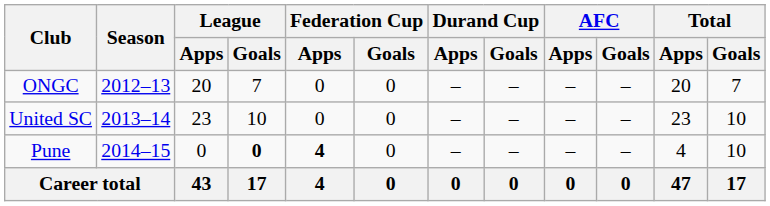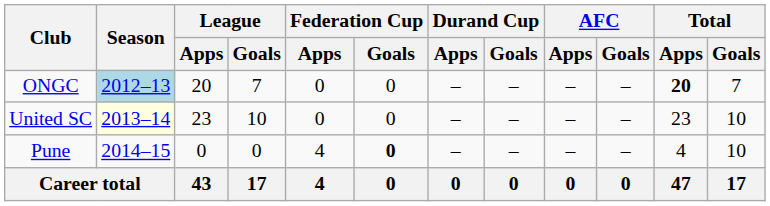 <table class="wikitable" style="font-size:90%; text-align:center;">
 <tr>
 <th rowspan="2">Club</th>
 <th rowspan="2">Season</th>
 <th colspan="2">League</th>
 <th colspan="2">Federation Cup</th>
 <th colspan="2">Durand Cup</th>
 <th colspan="2"><a href='#'>AFC</a></th>
 <th colspan="2">Total</th>
 </tr>
 <tr>
 <th>Apps</th>
 <th>Goals</th>
 <th>Apps</th>
 <th>Goals</th>
 <th>Apps</th>
 <th>Goals</th>
 <th>Apps</th>
 <th>Goals</th>
 <th>Apps</th>
 <th>Goals</th>
 </tr>
 <tr>
 <td rowspan="1"><a href='#'>ONGC</a></td>
-<td><a href='#'>2012–13</a></td>
+<td style="background: lightblue;"><a href='#'>2012–13</a></td>
 <td>20</td>
 <td>7</td>
 <td>0</td>
 <td>0</td>
 <td>–</td>
 <td>–</td>
 <td>–</td>
 <td>–</td>
-<td>20</td>
+<td><strong>20</strong></td>
 <td>7</td>
 </tr>
 <tr>
 <td rowspan="1"><a href='#'>United SC</a></td>
-<td><a href='#'>2013–14</a></td>
+<td style="background: lightyellow;"><a href='#'>2013–14</a></td>
 <td>23</td>
 <td>10</td>
 <td>0</td>
 <td>0</td>
 <td>–</td>
 <td>–</td>
 <td>–</td>
 <td>–</td>
 <td>23</td>
 <td>10</td>
 </tr>
 <tr>
 <td rowspan="1"><a href='#'>Pune</a></td>
 <td><a href='#'>2014–15</a></td>
 <td>0</td>
+<td>0</td>
+<td>4</td>
 <td><strong>0</strong></td>
-<td><strong>4</strong></td>
-<td>0</td>
 <td>–</td>
 <td>–</td>
 <td>–</td>
 <td>–</td>
 <td>4</td>
 <td>10</td>
 </tr>
 <tr>
 <th colspan="2">Career total</th>
 <th>43</th>
 <th>17</th>
 <th>4</th>
 <th>0</th>
 <th>0</th>
 <th>0</th>
 <th>0</th>
 <th>0</th>
 <th>47</th>
 <th>17</th>
 </tr>
 </table>
